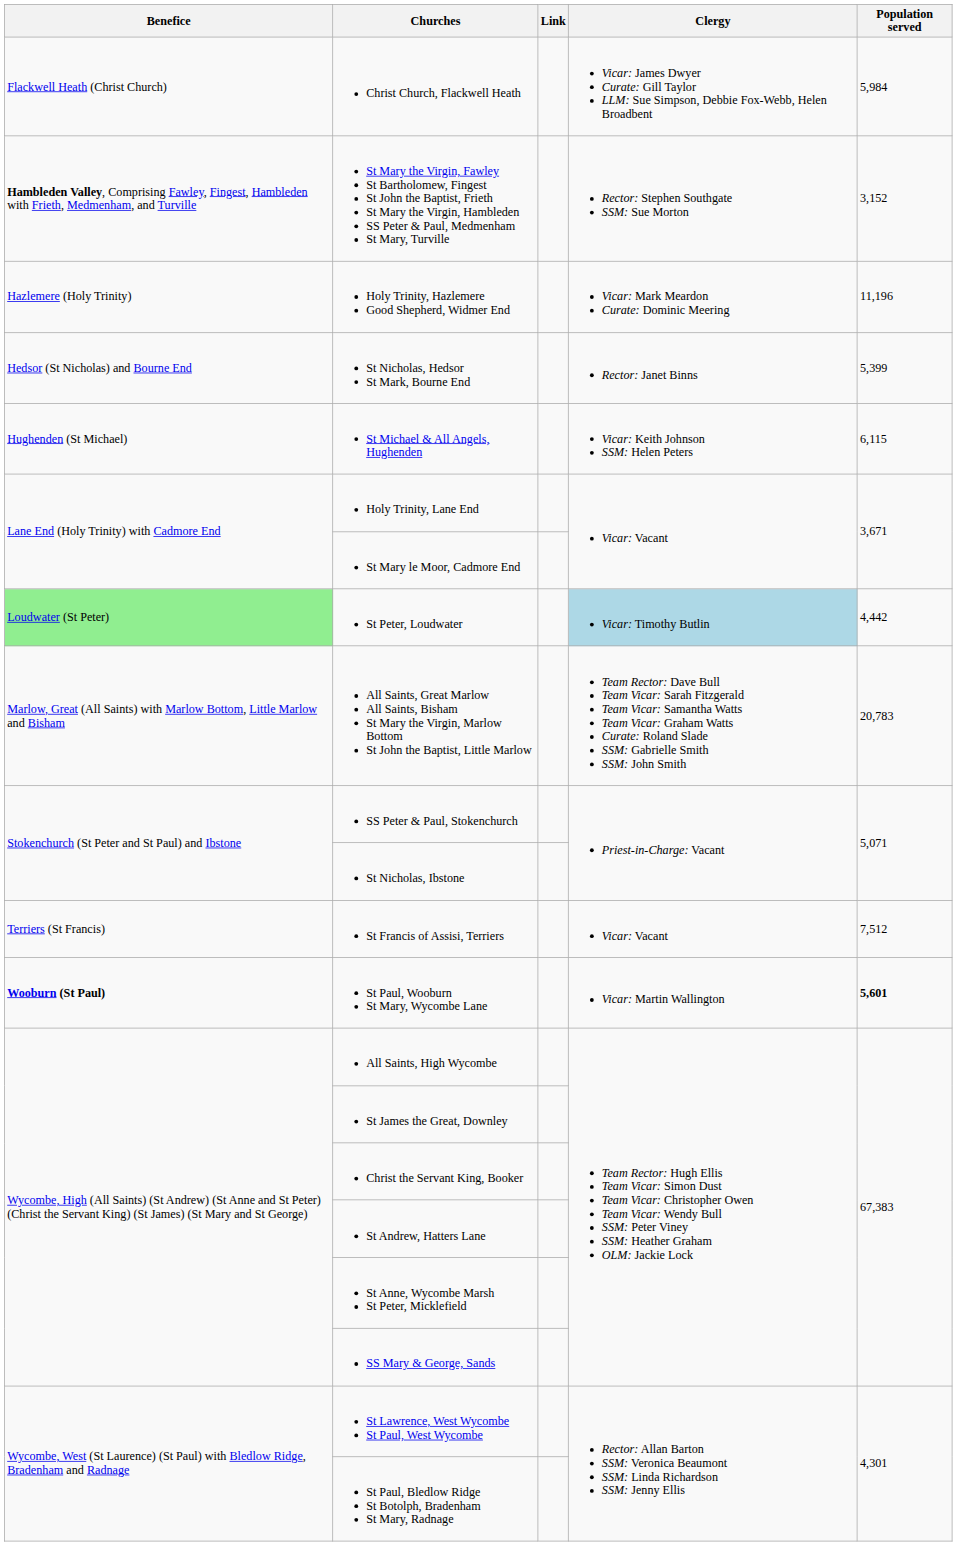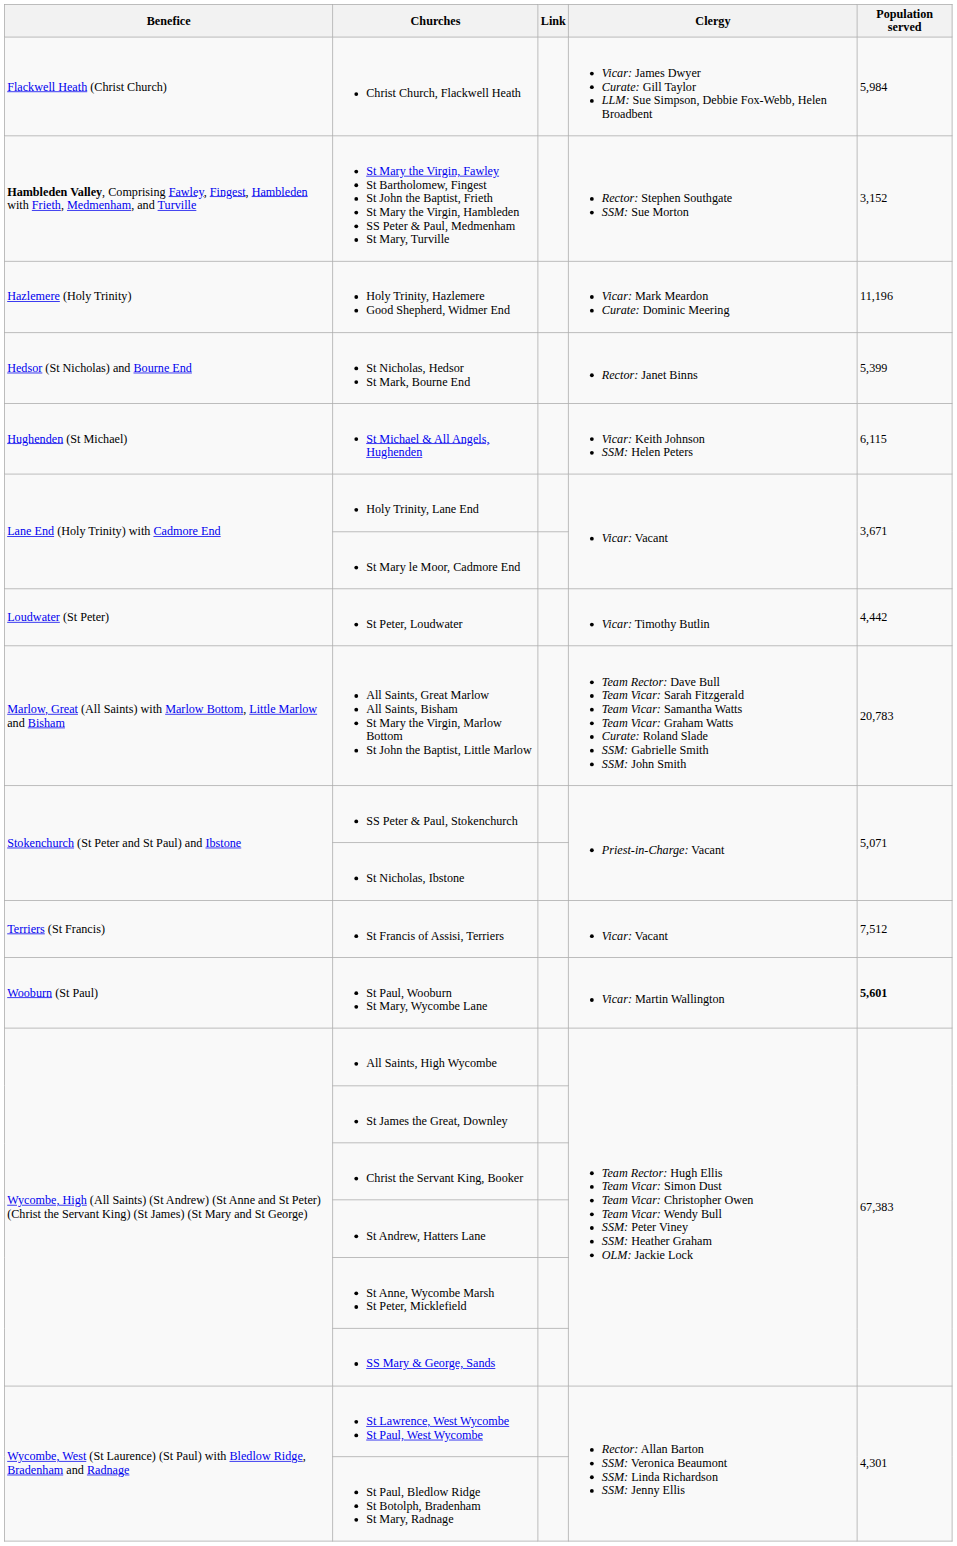 <table class="wikitable">
 <tr>
 <th width="425">Benefice</th>
 <th>Churches</th>
 <th>Link</th>
 <th>Clergy</th>
 <th>Population served</th>
 </tr>
 <tr>
 <td><a href='#'>Flackwell Heath</a> (Christ Church)</td>
 <td><br><ul><li>Christ Church, Flackwell Heath</li></ul></td>
 <td></td>
 <td><br><ul><li><em>Vicar:</em> James Dwyer</li><li><em>Curate:</em> Gill Taylor</li><li><em>LLM:</em> Sue Simpson, Debbie Fox-Webb, Helen Broadbent</li></ul></td>
 <td>5,984</td>
 </tr>
 <tr>
 <td><strong>Hambleden Valley</strong>, Comprising <a href='#'>Fawley</a>, <a href='#'>Fingest</a>, <a href='#'>Hambleden</a> with <a href='#'>Frieth</a>, <a href='#'>Medmenham</a>, and <a href='#'>Turville</a></td>
 <td><br><ul><li><a href='#'>St Mary the Virgin, Fawley</a></li><li>St Bartholomew, Fingest</li><li>St John the Baptist, Frieth</li><li>St Mary the Virgin, Hambleden</li><li>SS Peter & Paul, Medmenham</li><li>St Mary, Turville</li></ul></td>
 <td></td>
 <td><br><ul><li><em>Rector:</em> Stephen Southgate</li><li><em>SSM:</em> Sue Morton</li></ul></td>
 <td>3,152</td>
 </tr>
 <tr>
 <td><a href='#'>Hazlemere</a> (Holy Trinity)</td>
 <td><br><ul><li>Holy Trinity, Hazlemere</li><li>Good Shepherd, Widmer End</li></ul></td>
 <td></td>
 <td><br><ul><li><em>Vicar:</em> Mark Meardon</li><li><em>Curate:</em> Dominic Meering</li></ul></td>
 <td>11,196</td>
 </tr>
 <tr>
 <td><a href='#'>Hedsor</a> (St Nicholas) and <a href='#'>Bourne End</a></td>
 <td><br><ul><li>St Nicholas, Hedsor </li><li>St Mark, Bourne End</li></ul></td>
 <td></td>
 <td><br><ul><li><em>Rector:</em> Janet Binns</li></ul></td>
 <td>5,399</td>
 </tr>
 <tr>
 <td><a href='#'>Hughenden</a> (St Michael)</td>
 <td><br><ul><li><a href='#'>St Michael & All Angels, Hughenden</a></li></ul></td>
 <td></td>
 <td><br><ul><li><em>Vicar:</em> Keith Johnson</li><li><em>SSM:</em> Helen Peters</li></ul></td>
 <td>6,115</td>
 </tr>
 <tr>
 <td rowspan="2"><a href='#'>Lane End</a> (Holy Trinity) with <a href='#'>Cadmore End</a></td>
 <td><br><ul><li>Holy Trinity, Lane End</li></ul></td>
 <td></td>
 <td rowspan="2"><br><ul><li><em>Vicar:</em> Vacant</li></ul></td>
 <td rowspan="2">3,671</td>
 </tr>
 <tr>
 <td><br><ul><li>St Mary le Moor, Cadmore End</li></ul></td>
 <td></td>
 </tr>
 <tr>
-<td style="background: lightgreen;"><a href='#'>Loudwater</a> (St Peter)</td>
+<td><a href='#'>Loudwater</a> (St Peter)</td>
 <td><br><ul><li>St Peter, Loudwater</li></ul></td>
 <td></td>
-<td style="background: lightblue;"><br><ul><li><em>Vicar:</em> Timothy Butlin</li></ul></td>
+<td><br><ul><li><em>Vicar:</em> Timothy Butlin</li></ul></td>
 <td>4,442</td>
 </tr>
 <tr>
 <td><a href='#'>Marlow, Great</a> (All Saints) with <a href='#'>Marlow Bottom</a>, <a href='#'>Little Marlow</a> and <a href='#'>Bisham</a></td>
 <td><br><ul><li>All Saints, Great Marlow</li><li>All Saints, Bisham</li><li>St Mary the Virgin, Marlow Bottom</li><li>St John the Baptist, Little Marlow</li></ul></td>
 <td></td>
 <td><br><ul><li><em>Team Rector:</em> Dave Bull</li><li><em>Team Vicar:</em> Sarah Fitzgerald</li><li><em>Team Vicar:</em> Samantha Watts</li><li><em>Team Vicar:</em> Graham Watts</li><li><em>Curate:</em> Roland Slade</li><li><em>SSM:</em> Gabrielle Smith</li><li><em>SSM:</em> John Smith</li></ul></td>
 <td>20,783</td>
 </tr>
 <tr>
 <td rowspan="2"><a href='#'>Stokenchurch</a> (St Peter and St Paul) and <a href='#'>Ibstone</a></td>
 <td><br><ul><li>SS Peter & Paul, Stokenchurch</li></ul></td>
 <td></td>
 <td rowspan="2"><br><ul><li><em>Priest-in-Charge:</em> Vacant</li></ul></td>
 <td rowspan="2">5,071</td>
 </tr>
 <tr>
 <td><br><ul><li>St Nicholas, Ibstone</li></ul></td>
 <td></td>
 </tr>
 <tr>
 <td><a href='#'>Terriers</a> (St Francis)</td>
 <td><br><ul><li>St Francis of Assisi, Terriers</li></ul></td>
 <td></td>
 <td><br><ul><li><em>Vicar:</em> Vacant</li></ul></td>
 <td>7,512</td>
 </tr>
 <tr>
-<td><strong><a href='#'>Wooburn</a> (St Paul)</strong></td>
+<td><a href='#'>Wooburn</a> (St Paul)</td>
 <td><br><ul><li>St Paul, Wooburn</li><li>St Mary, Wycombe Lane</li></ul></td>
 <td></td>
 <td><br><ul><li><em>Vicar:</em> Martin Wallington</li></ul></td>
 <td><strong>5,601</strong></td>
 </tr>
 <tr>
 <td rowspan="6"><a href='#'>Wycombe, High</a> (All Saints) (St Andrew) (St Anne and St Peter) (Christ the Servant King) (St James) (St Mary and St George)</td>
 <td><br><ul><li>All Saints, High Wycombe</li></ul></td>
 <td></td>
 <td rowspan="6"><br><ul><li><em>Team Rector:</em> Hugh Ellis</li><li><em>Team Vicar:</em> Simon Dust</li><li><em>Team Vicar:</em> Christopher Owen</li><li><em>Team Vicar:</em> Wendy Bull</li><li><em>SSM:</em> Peter Viney</li><li><em>SSM:</em> Heather Graham</li><li><em>OLM:</em> Jackie Lock</li></ul></td>
 <td rowspan="6">67,383</td>
 </tr>
 <tr>
 <td><br><ul><li>St James the Great, Downley</li></ul></td>
 <td></td>
 </tr>
 <tr>
 <td><br><ul><li>Christ the Servant King, Booker</li></ul></td>
 <td></td>
 </tr>
 <tr>
 <td><br><ul><li>St Andrew, Hatters Lane</li></ul></td>
 <td></td>
 </tr>
 <tr>
 <td><br><ul><li>St Anne, Wycombe Marsh</li><li>St Peter, Micklefield</li></ul></td>
 <td></td>
 </tr>
 <tr>
 <td><br><ul><li><a href='#'>SS Mary & George, Sands</a></li></ul></td>
 <td></td>
 </tr>
 <tr>
 <td rowspan="2"><a href='#'>Wycombe, West</a> (St Laurence) (St Paul) with <a href='#'>Bledlow Ridge</a>, <a href='#'>Bradenham</a> and <a href='#'>Radnage</a></td>
 <td><br><ul><li><a href='#'>St Lawrence, West Wycombe</a></li><li><a href='#'>St Paul, West Wycombe</a></li></ul></td>
 <td></td>
 <td rowspan="2"><br><ul><li><em>Rector:</em> Allan Barton</li><li><em>SSM:</em> Veronica Beaumont</li><li><em>SSM:</em> Linda Richardson</li><li><em>SSM:</em> Jenny Ellis</li></ul></td>
 <td rowspan="2">4,301</td>
 </tr>
 <tr>
 <td><br><ul><li>St Paul, Bledlow Ridge</li><li>St Botolph, Bradenham</li><li>St Mary, Radnage</li></ul></td>
 <td></td>
 </tr>
 </table>
